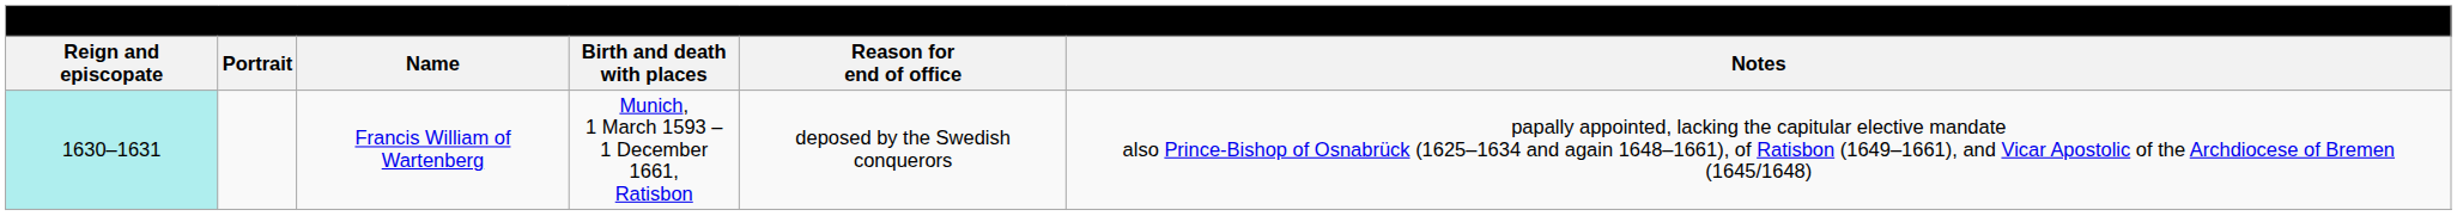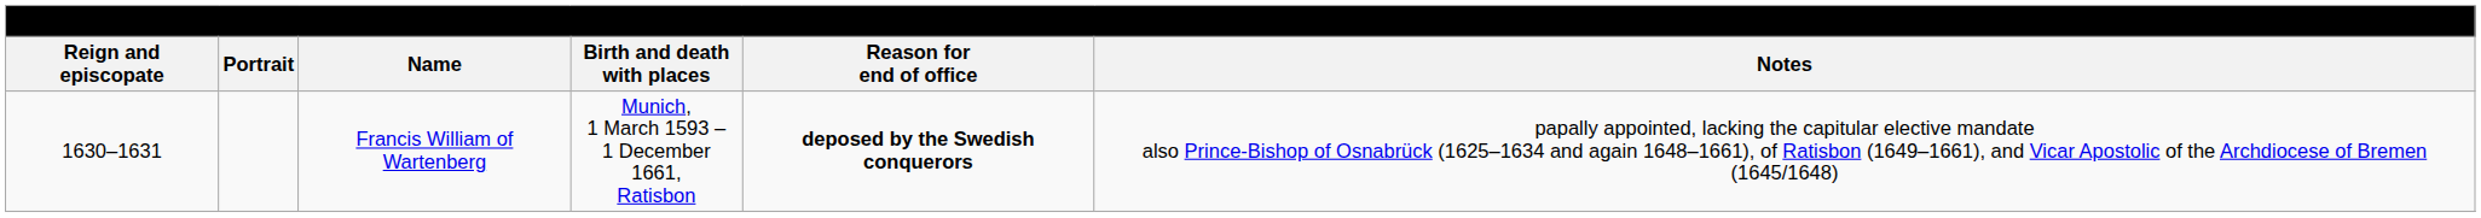 <table width=100% class="wikitable">
 <tr>
 <td colspan="6" bgcolor=black align=center><strong><span>Roman Catholic Prince-Bishop of Verden (1630–1631)</span></strong></td>
 </tr>
 <tr>
 <th>Reign and episcopate</th>
 <th>Portrait</th>
 <th>Name</th>
 <th>Birth and death<br>with places</th>
 <th>Reason for <br>end of office</th>
 <th>Notes</th>
 </tr>
 <tr>
-<td align=center style="background: paleturquoise;">1630–1631</td>
+<td align=center>1630–1631</td>
 <td align=center></td>
 <td align="center"><a href='#'>Francis William of Wartenberg</a></td>
 <td align="center"><a href='#'>Munich</a>, <br>1 March 1593 – <br>1 December 1661, <br><a href='#'>Ratisbon</a></td>
-<td align="center">deposed by the Swedish conquerors</td>
+<td align="center"><strong>deposed by the Swedish conquerors</strong></td>
 <td align="center">papally appointed, lacking the capitular elective mandate <br>also <a href='#'>Prince-Bishop of Osnabrück</a> (1625–1634 and again 1648–1661), of <a href='#'>Ratisbon</a> (1649–1661), and <a href='#'>Vicar Apostolic</a> of the <a href='#'>Archdiocese of Bremen</a> (1645/1648)</td>
 </tr>
 <tr>
 </tr>
 </table>
